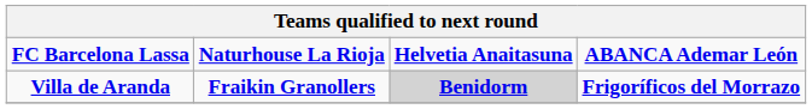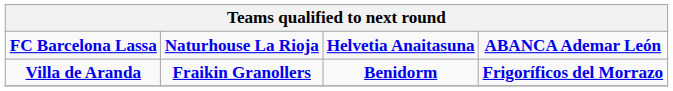 <table class="wikitable" style="text-align: center; margin: 0 auto;">
 <tr>
 <th colspan="4">Teams qualified to next round</th>
 </tr>
 <tr>
 <td><strong><a href='#'>FC Barcelona Lassa</a></strong></td>
 <td><strong><a href='#'>Naturhouse La Rioja</a></strong></td>
 <td><strong><a href='#'>Helvetia Anaitasuna</a></strong></td>
 <td><strong><a href='#'>ABANCA Ademar León</a></strong></td>
 </tr>
 <tr>
 <td><strong><a href='#'>Villa de Aranda</a></strong></td>
 <td><strong><a href='#'>Fraikin Granollers</a></strong></td>
-<td style="background: lightgrey;"><strong><a href='#'>Benidorm</a></strong></td>
+<td><strong><a href='#'>Benidorm</a></strong></td>
 <td><strong><a href='#'>Frigoríficos del Morrazo</a></strong></td>
 </tr>
 <tr>
 </tr>
 </table>
